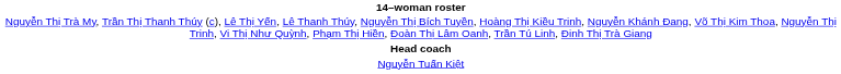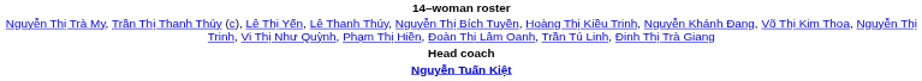 <table style="text-align:center; margin-top:2em; margin-left:auto; margin-right:auto">
 <tr>
 <td><strong>14–woman roster</strong></td>
 </tr>
 <tr>
 <td><a href='#'>Nguyễn Thị Trà My</a>, <a href='#'>Trần Thị Thanh Thúy</a> (<a href='#'>c</a>), <a href='#'>Lê Thị Yến</a>, <a href='#'>Lê Thanh Thúy</a>, <a href='#'>Nguyễn Thị Bích Tuyền</a>, <a href='#'>Hoàng Thị Kiều Trinh</a>, <a href='#'>Nguyễn Khánh Đang</a>, <a href='#'>Võ Thị Kim Thoa</a>, <a href='#'>Nguyễn Thị Trinh</a>, <a href='#'>Vi Thị Như Quỳnh</a>, <a href='#'>Phạm Thị Hiền</a>, <a href='#'>Đoàn Thị Lâm Oanh</a>, <a href='#'>Trần Tú Linh</a>, <a href='#'>Đinh Thị Trà Giang</a></td>
 </tr>
 <tr>
 <td><strong>Head coach</strong></td>
 </tr>
 <tr>
-<td><a href='#'>Nguyễn Tuấn Kiệt</a></td>
+<td><strong><a href='#'>Nguyễn Tuấn Kiệt</a></strong></td>
 </tr>
 </table>
